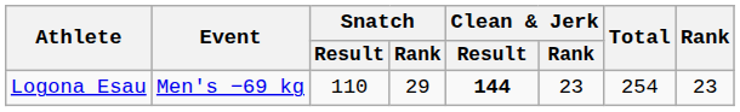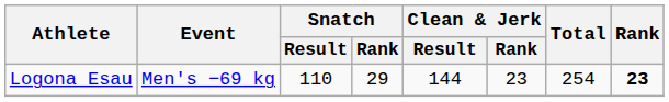 <table class=wikitable style=font-size:90%>
 <tr>
 <th rowspan=2>Athlete</th>
 <th rowspan=2>Event</th>
 <th colspan=2>Snatch</th>
 <th colspan=2>Clean & Jerk</th>
 <th rowspan=2>Total</th>
 <th rowspan=2>Rank</th>
 </tr>
 <tr style=font-size:95%>
 <th>Result</th>
 <th>Rank</th>
 <th>Result</th>
 <th>Rank</th>
 </tr>
 <tr align=center>
 <td align=left><a href='#'>Logona Esau</a></td>
 <td align=left><a href='#'>Men's −69 kg</a></td>
 <td>110</td>
 <td>29</td>
-<td><strong>144</strong></td>
+<td>144</td>
 <td>23</td>
 <td>254</td>
-<td>23</td>
+<td><strong>23</strong></td>
 </tr>
 </table>
